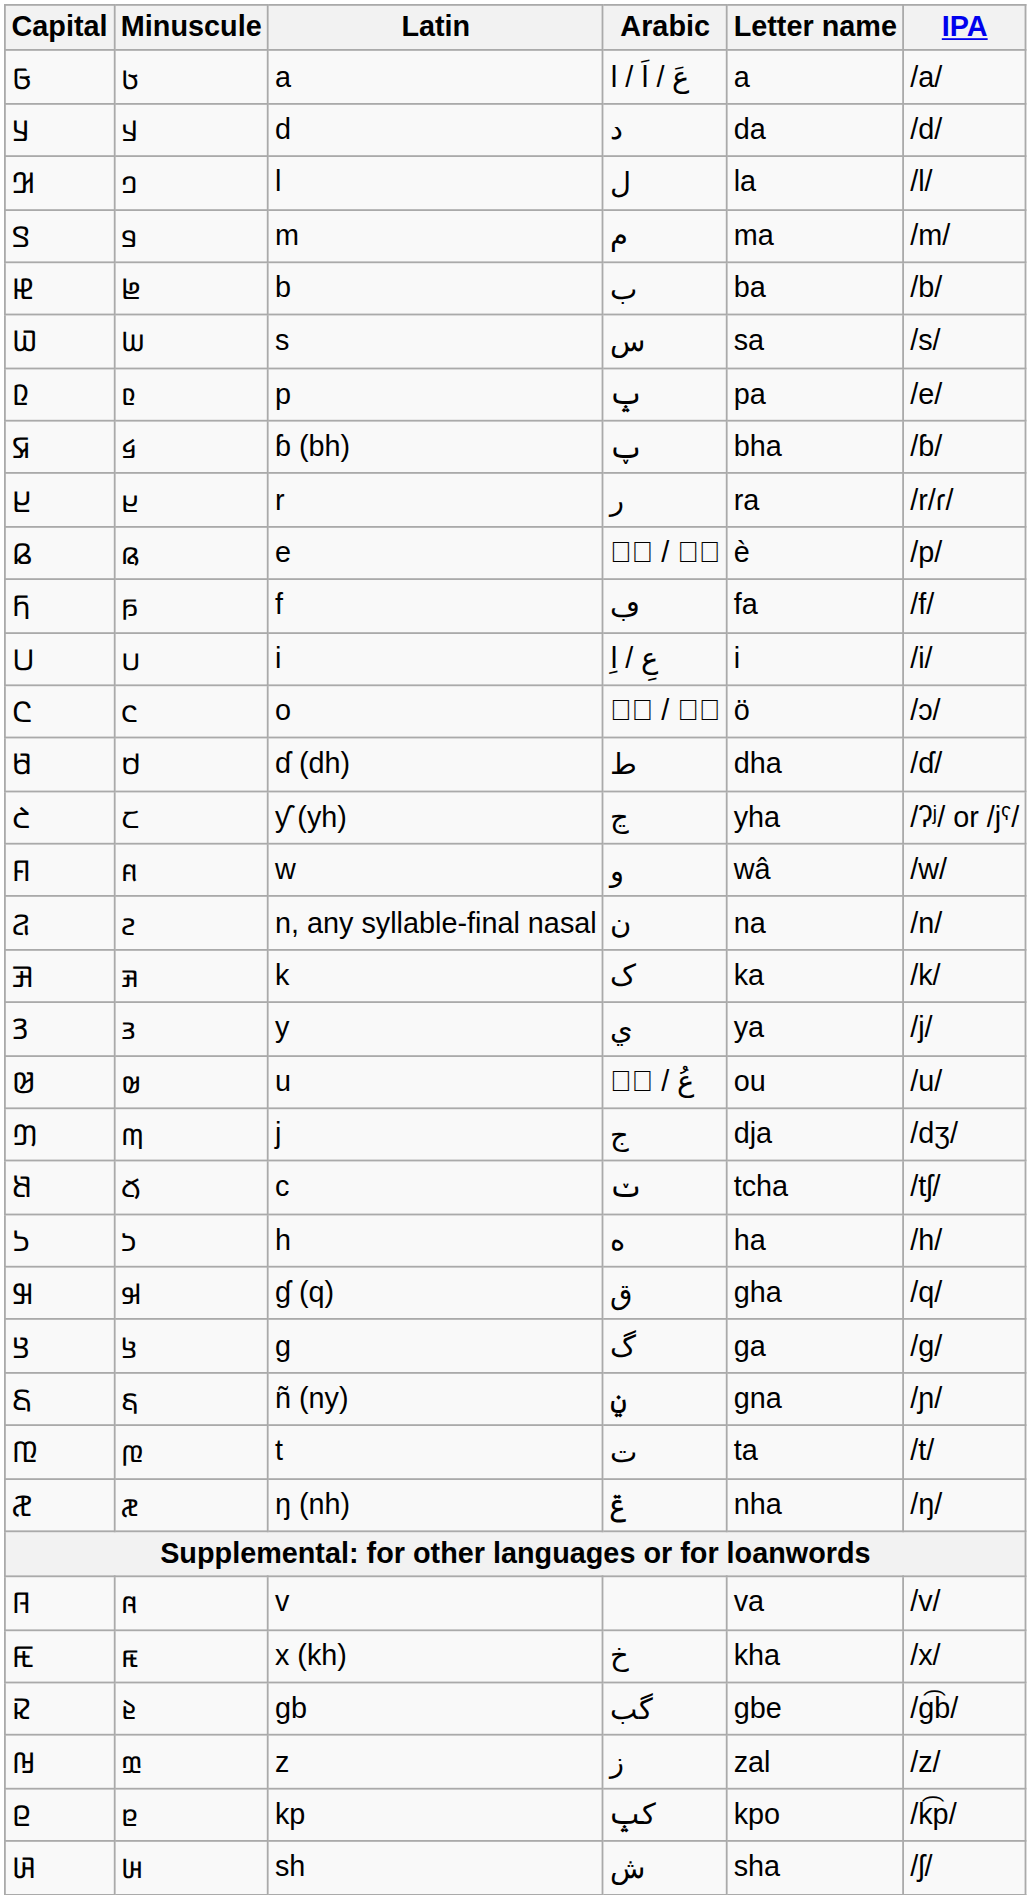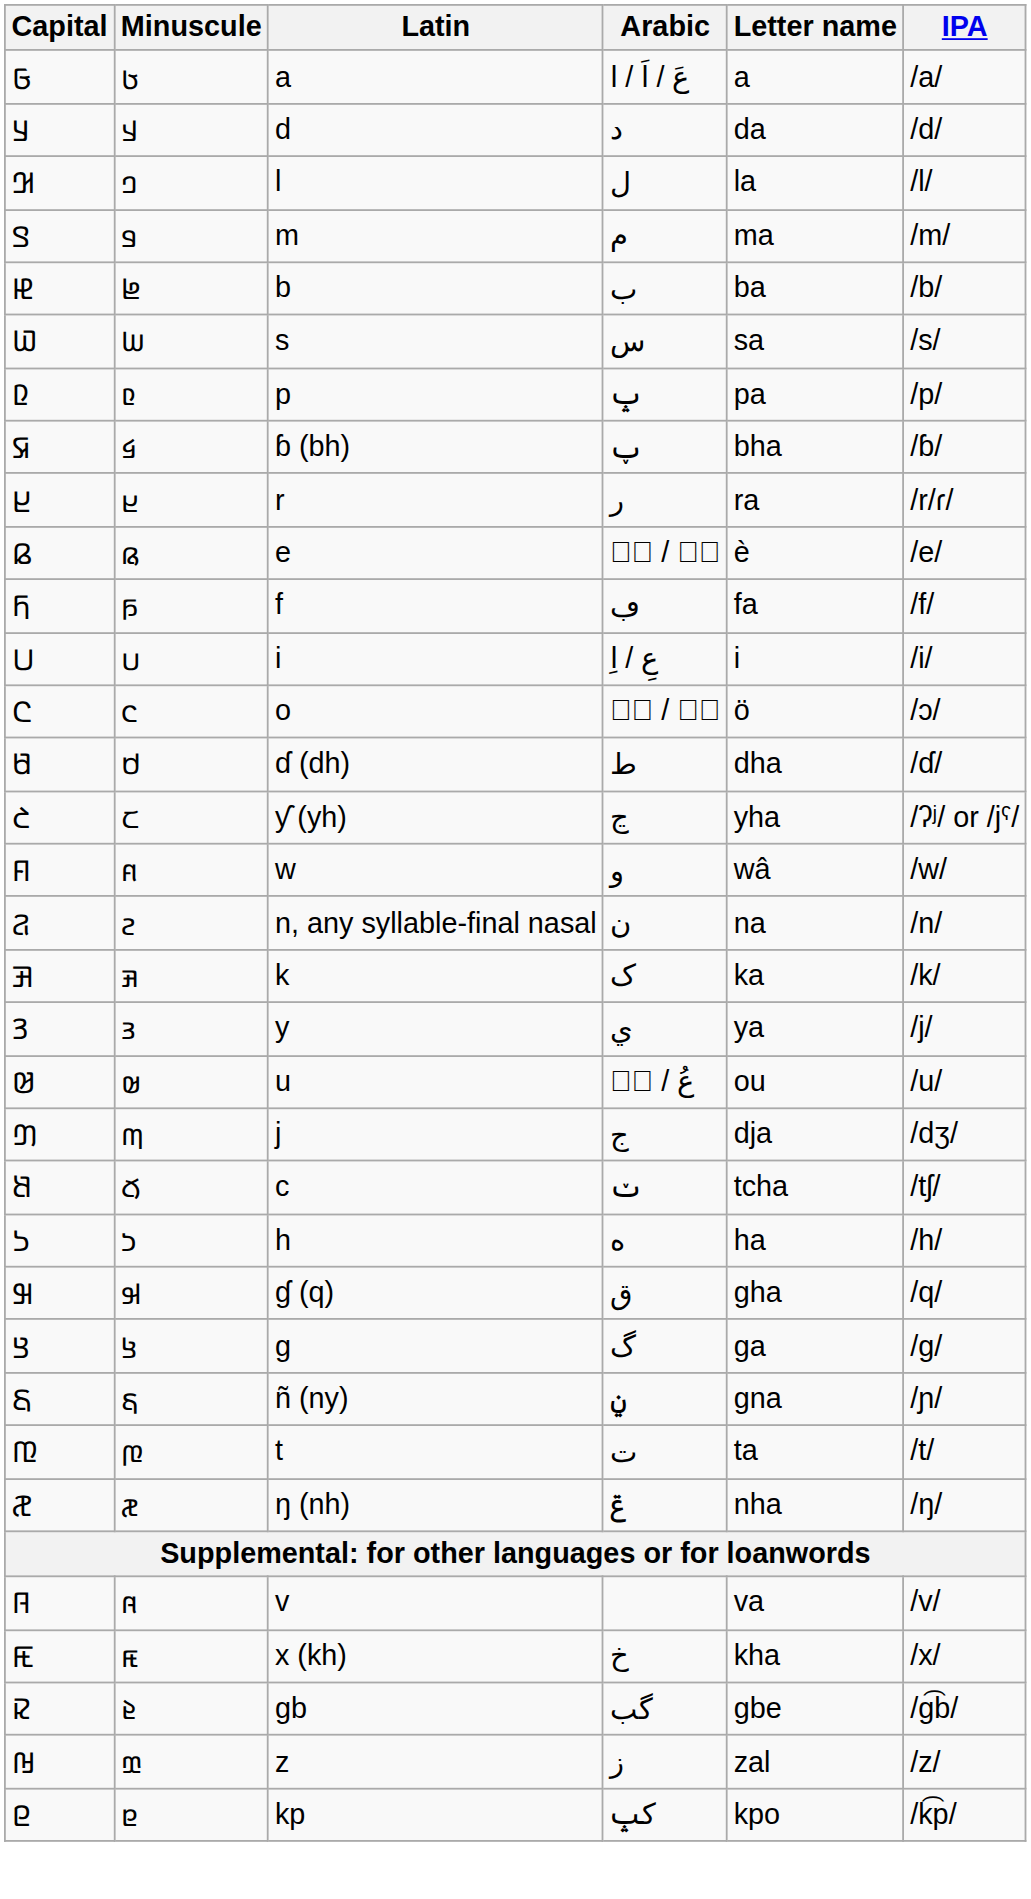 <table class=wikitable>
 <tr>
 <th>Capital</th>
 <th>Minuscule</th>
 <th>Latin</th>
 <th>Arabic</th>
 <th>Letter name</th>
 <th><a href='#'>IPA</a></th>
 </tr>
 <tr>
 <td>𞤀</td>
 <td>𞤢</td>
 <td>a</td>
 <td>عَ / اَ / ا‎</td>
 <td>a</td>
 <td>/a/</td>
 </tr>
 <tr>
 <td>𞤁</td>
 <td>𞤣</td>
 <td>d</td>
 <td>د‎</td>
 <td>da</td>
 <td>/d/</td>
 </tr>
 <tr>
 <td>𞤂</td>
 <td>𞤤</td>
 <td>l</td>
 <td>ل‎</td>
 <td>la</td>
 <td>/l/</td>
 </tr>
 <tr>
 <td>𞤃</td>
 <td>𞤥</td>
 <td>m</td>
 <td>م‎</td>
 <td>ma</td>
 <td>/m/</td>
 </tr>
 <tr>
 <td>𞤄</td>
 <td>𞤦</td>
 <td>b</td>
 <td>ب‎</td>
 <td>ba</td>
 <td>/b/</td>
 </tr>
 <tr>
 <td>𞤅</td>
 <td>𞤧</td>
 <td>s</td>
 <td>س‎</td>
 <td>sa</td>
 <td>/s/</td>
 </tr>
 <tr>
 <td>𞤆</td>
 <td>𞤨</td>
 <td>p</td>
 <td>ݒ‎</td>
 <td>pa</td>
-<td>/e/</td>
+<td>/p/</td>
 </tr>
 <tr>
 <td>𞤇</td>
 <td>𞤩</td>
 <td>ɓ (bh)</td>
 <td>ࢠ‎</td>
 <td>bha</td>
 <td>/ɓ/</td>
 </tr>
 <tr>
 <td>𞤈</td>
 <td>𞤪</td>
 <td>r</td>
 <td>ر‎</td>
 <td>ra</td>
 <td>/r/ɾ/</td>
 </tr>
 <tr>
 <td>𞤉</td>
 <td>𞤫</td>
 <td>e</td>
 <td>عٜ / اࣹ‎</td>
 <td>è</td>
-<td>/p/</td>
+<td>/e/</td>
 </tr>
 <tr>
 <td>𞤊</td>
 <td>𞤬</td>
 <td>f</td>
 <td>ڢ</td>
 <td>fa</td>
 <td>/f/</td>
 </tr>
 <tr>
 <td>𞤋</td>
 <td>𞤭</td>
 <td>i</td>
 <td>عِ / اِ</td>
 <td>i</td>
 <td>/i/</td>
 </tr>
 <tr>
 <td>𞤌</td>
 <td>𞤮</td>
 <td>o</td>
 <td>عࣾ / اࣷ</td>
 <td>ö</td>
 <td>/ɔ/</td>
 </tr>
 <tr>
 <td>𞤍</td>
 <td>𞤯</td>
 <td>ɗ (dh)</td>
 <td>ط‎</td>
 <td>dha</td>
 <td>/ɗ/</td>
 </tr>
 <tr>
 <td>𞤎</td>
 <td>𞤰</td>
 <td>ƴ (yh)</td>
 <td>ڃ‎</td>
 <td>yha</td>
 <td>/ʔʲ/ or /jˤ/</td>
 </tr>
 <tr>
 <td>𞤏</td>
 <td>𞤱</td>
 <td>w</td>
 <td>و</td>
 <td>wâ</td>
 <td>/w/</td>
 </tr>
 <tr>
 <td>𞤐</td>
 <td>𞤲</td>
 <td>n, any syllable-final nasal</td>
 <td>ن</td>
 <td>na</td>
 <td>/n/</td>
 </tr>
 <tr>
 <td>𞤑</td>
 <td>𞤳</td>
 <td>k</td>
 <td>ک‎</td>
 <td>ka</td>
 <td>/k/</td>
 </tr>
 <tr>
 <td>𞤒</td>
 <td>𞤴</td>
 <td>y</td>
 <td>ي</td>
 <td>ya</td>
 <td>/j/</td>
 </tr>
 <tr>
 <td>𞤓</td>
 <td>𞤵</td>
 <td>u</td>
 <td>عُ / اࣷ</td>
 <td>ou</td>
 <td>/u/</td>
 </tr>
 <tr>
 <td>𞤔</td>
 <td>𞤶</td>
 <td>j</td>
 <td>ج</td>
 <td>dja</td>
 <td>/dʒ/</td>
 </tr>
 <tr>
 <td>𞤕</td>
 <td>𞤷</td>
 <td>c</td>
 <td>ݖ‎</td>
 <td>tcha</td>
 <td>/tʃ/</td>
 </tr>
 <tr>
 <td>𞤖</td>
 <td>𞤸</td>
 <td>h</td>
 <td>ه‎</td>
 <td>ha</td>
 <td>/h/</td>
 </tr>
 <tr>
 <td>𞤗</td>
 <td>𞤹</td>
 <td>ɠ (q)</td>
 <td>ق</td>
 <td>gha</td>
 <td>/q/</td>
 </tr>
 <tr>
 <td>𞤘</td>
 <td>𞤺</td>
 <td>g</td>
 <td>گ‎</td>
 <td>ga</td>
 <td>/ɡ/</td>
 </tr>
 <tr>
 <td>𞤙</td>
 <td>𞤻</td>
 <td>ñ (ny)</td>
 <td>ݧ‎</td>
 <td>gna</td>
 <td>/ɲ/</td>
 </tr>
 <tr>
 <td>𞤚</td>
 <td>𞤼</td>
 <td>t</td>
 <td>ت</td>
 <td>ta</td>
 <td>/t/</td>
 </tr>
 <tr>
 <td>𞤛</td>
 <td>𞤽</td>
 <td>ŋ (nh)</td>
 <td>ݝ‎</td>
 <td>nha</td>
 <td>/ŋ/</td>
 </tr>
 <tr>
 <th colspan="6">Supplemental: for other languages or for loanwords</th>
 </tr>
 <tr>
 <td>𞤜</td>
 <td>𞤾</td>
 <td>v</td>
 <td></td>
 <td>va</td>
 <td>/v/</td>
 </tr>
 <tr>
 <td>𞤝</td>
 <td>𞤿</td>
 <td>x (kh)</td>
 <td>خ</td>
 <td>kha</td>
 <td>/x/</td>
 </tr>
 <tr>
 <td>𞤞</td>
 <td>𞥀</td>
 <td>ɡb</td>
 <td>گب</td>
 <td>gbe</td>
 <td>/ɡ͡b/</td>
 </tr>
 <tr>
 <td>𞤟</td>
 <td>𞥁</td>
 <td>z</td>
 <td>ز</td>
 <td>zal</td>
 <td>/z/</td>
 </tr>
 <tr>
 <td>𞤠</td>
 <td>𞥂</td>
 <td>kp</td>
 <td>کݒ‎</td>
 <td>kpo</td>
 <td>/k͡p/</td>
 </tr>
-<tr>
-<td>𞤡</td>
-<td>𞥃</td>
-<td>sh</td>
-<td>ش</td>
-<td>sha</td>
-<td>/ʃ/</td>
-</tr>
 </table>
